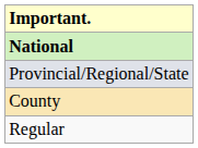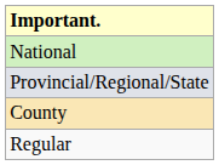 <table class="wikitable">
 <tr style="background:#ffc;">
 <td><strong>Important.</strong> </td>
 </tr>
 <tr style="background:#d0f0c0">
-<td><strong>National</strong></td>
+<td>National</td>
 </tr>
 <tr style="background:#dfe2e9">
 <td>Provincial/Regional/State</td>
 </tr>
 <tr |- style="background:#fae7b5">
 <td>County</td>
 </tr>
 <tr>
 <td>Regular</td>
 </tr>
 </table>
